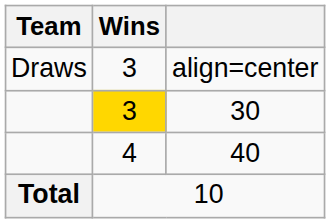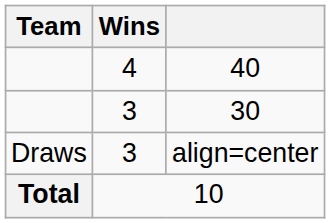 <table class="wikitable" style="float: right">
 <tr style="font-size: 96%;">
 <th>Team</th>
 <th width=35px>Wins</th>
 <th width=35px></th>
 </tr>
 <tr>
+<td></td>
+<td align=center>4</td>
+<td align=center>40</td>
+</tr>
+<tr>
+<td></td>
+<td align=center>3</td>
+<td align=center>30</td>
+</tr>
+<tr>
 <td>Draws</td>
 <td align=center>3</td>
 <td>align=center </td>
-</tr>
-<tr>
-<td></td>
-<td align=center style="background: gold;">3</td>
-<td align=center>30</td>
-</tr>
-<tr>
-<td></td>
-<td align=center>4</td>
-<td align=center>40</td>
 </tr>
 <tr>
 <th>Total</th>
 <td align=center colspan=2>10</td>
 </tr>
 </table>
